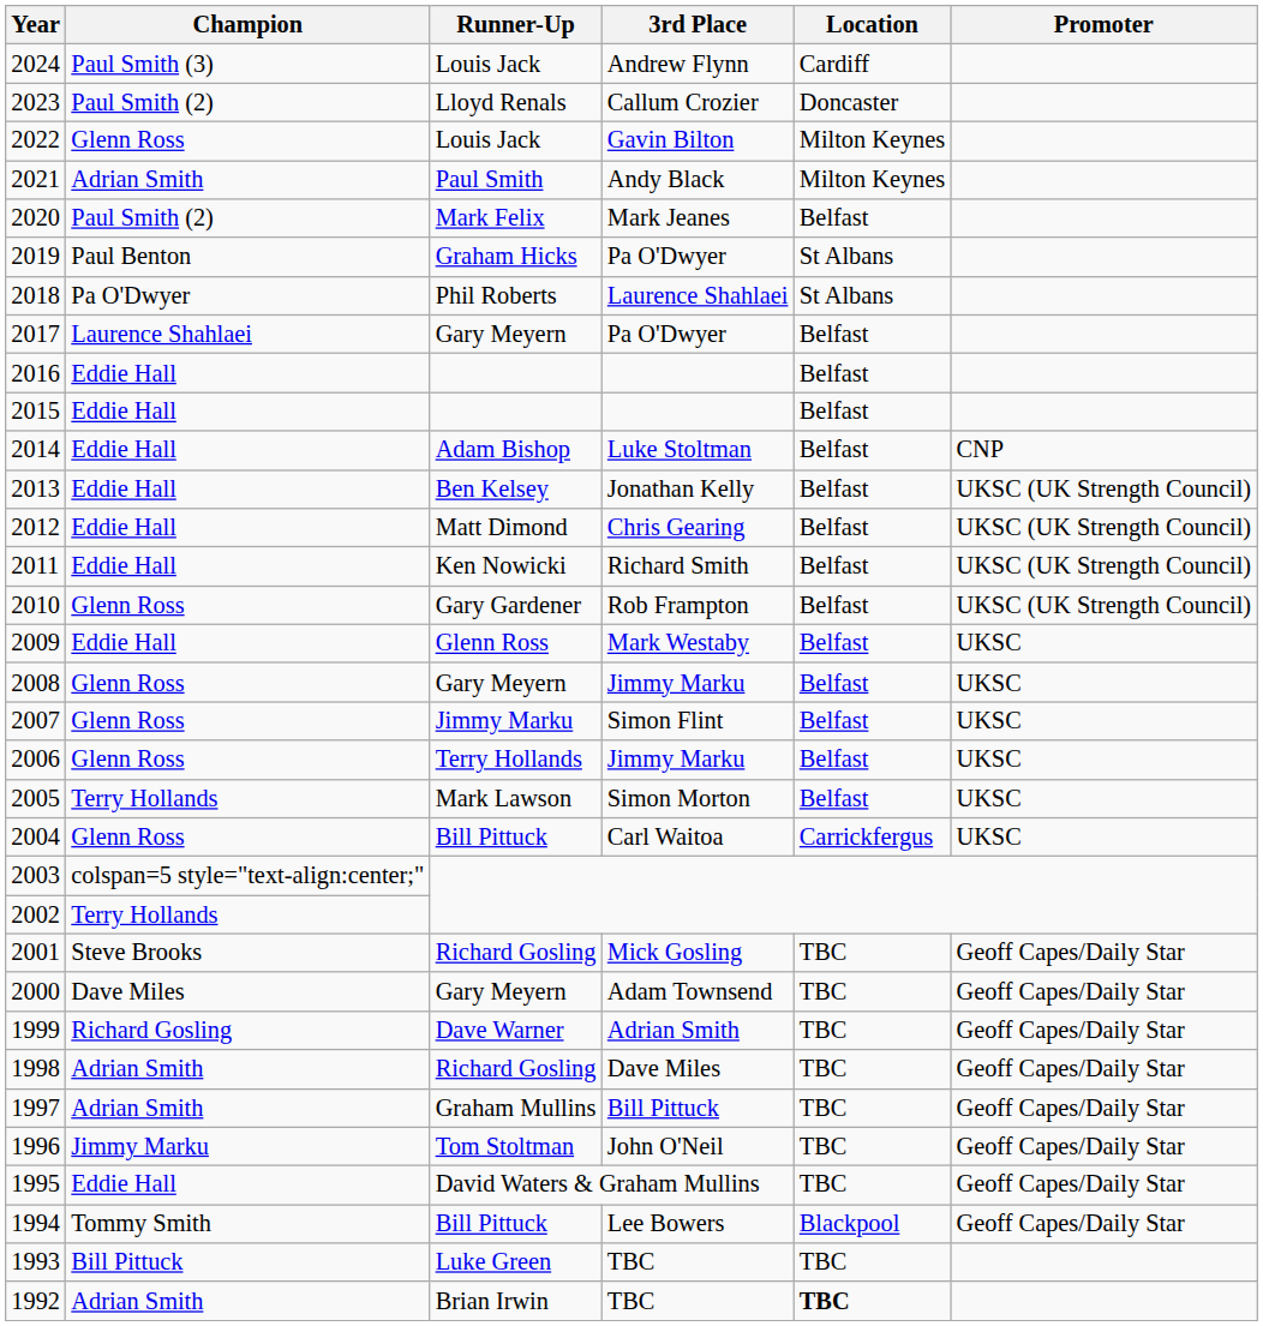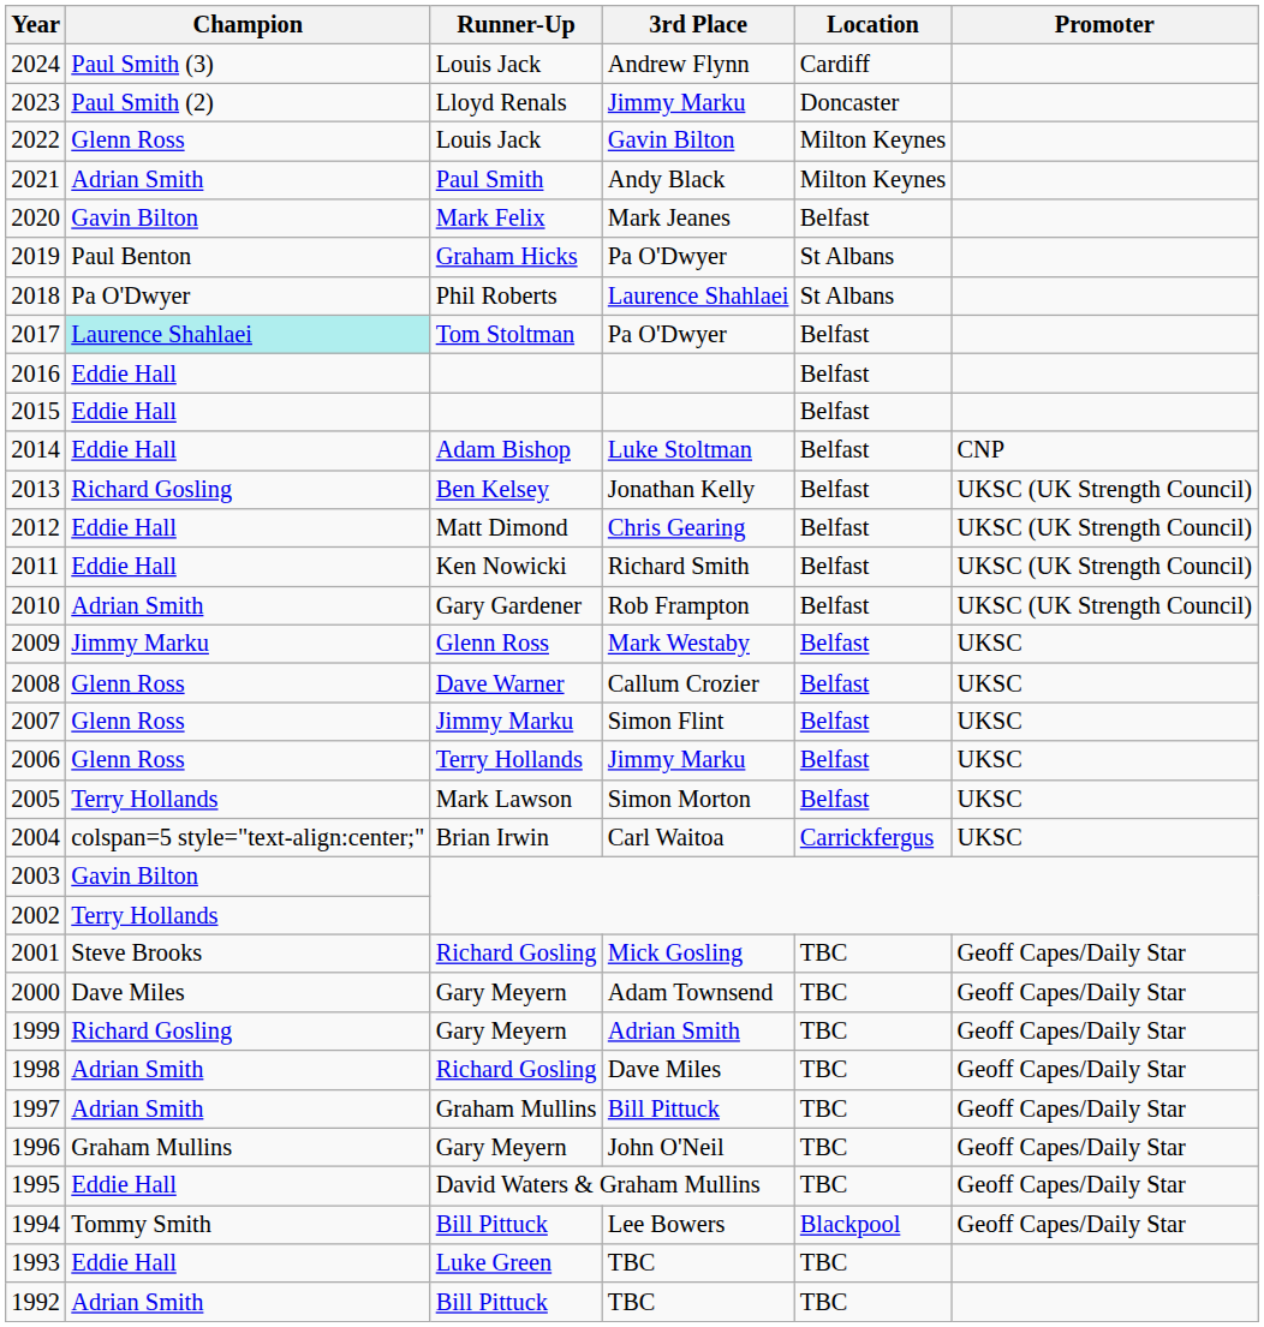 <table class="wikitable">
 <tr>
 <th>Year</th>
 <th>Champion</th>
 <th>Runner-Up</th>
 <th>3rd Place</th>
 <th>Location</th>
 <th>Promoter</th>
 </tr>
 <tr>
 <td>2024</td>
 <td> <a href='#'>Paul Smith</a> (3)</td>
 <td> Louis Jack</td>
 <td> Andrew Flynn</td>
 <td> Cardiff</td>
 <td></td>
 </tr>
 <tr>
 <td>2023</td>
 <td> <a href='#'>Paul Smith</a> (2)</td>
 <td> Lloyd Renals</td>
-<td> Callum Crozier</td>
+<td> <a href='#'>Jimmy Marku</a></td>
 <td> Doncaster</td>
 <td></td>
 </tr>
 <tr>
 <td>2022</td>
 <td> <a href='#'>Glenn Ross</a></td>
 <td> Louis Jack</td>
 <td> <a href='#'>Gavin Bilton</a></td>
 <td> Milton Keynes</td>
 <td></td>
 </tr>
 <tr>
 <td>2021</td>
 <td> <a href='#'>Adrian Smith</a></td>
 <td> <a href='#'>Paul Smith</a></td>
 <td> Andy Black</td>
 <td> Milton Keynes</td>
 <td></td>
 </tr>
 <tr>
 <td>2020</td>
-<td> <a href='#'>Paul Smith</a> (2)</td>
+<td> <a href='#'>Gavin Bilton</a></td>
 <td> <a href='#'>Mark Felix</a></td>
 <td> Mark Jeanes</td>
 <td> Belfast</td>
 <td></td>
 </tr>
 <tr>
 <td>2019</td>
 <td> Paul Benton</td>
 <td> <a href='#'>Graham Hicks</a></td>
 <td> Pa O'Dwyer</td>
 <td> St Albans</td>
 <td></td>
 </tr>
 <tr>
 <td>2018</td>
 <td> Pa O'Dwyer</td>
 <td> Phil Roberts</td>
 <td> <a href='#'>Laurence Shahlaei</a></td>
 <td> St Albans</td>
 <td></td>
 </tr>
 <tr>
 <td>2017</td>
-<td> <a href='#'>Laurence Shahlaei</a></td>
-<td> Gary Meyern</td>
+<td style="background: paleturquoise;"> <a href='#'>Laurence Shahlaei</a></td>
+<td> <a href='#'>Tom Stoltman</a></td>
 <td> Pa O'Dwyer</td>
 <td> Belfast</td>
 <td></td>
 </tr>
 <tr>
 <td>2016</td>
 <td> <a href='#'>Eddie Hall</a></td>
 <td></td>
 <td></td>
 <td> Belfast</td>
 <td></td>
 </tr>
 <tr>
 <td>2015</td>
 <td> <a href='#'>Eddie Hall</a></td>
 <td></td>
 <td></td>
 <td> Belfast</td>
 <td></td>
 </tr>
 <tr>
 <td>2014</td>
 <td> <a href='#'>Eddie Hall</a></td>
 <td> <a href='#'>Adam Bishop</a></td>
 <td> <a href='#'>Luke Stoltman</a></td>
 <td> Belfast</td>
 <td>CNP</td>
 </tr>
 <tr ->
 <td>2013</td>
-<td> <a href='#'>Eddie Hall</a></td>
+<td> <a href='#'>Richard Gosling</a></td>
 <td> <a href='#'>Ben Kelsey</a></td>
 <td> Jonathan Kelly</td>
 <td> Belfast</td>
 <td>UKSC (UK Strength Council)</td>
 </tr>
 <tr>
 <td>2012</td>
 <td> <a href='#'>Eddie Hall</a></td>
 <td> Matt Dimond</td>
 <td> <a href='#'>Chris Gearing</a></td>
 <td> Belfast</td>
 <td>UKSC (UK Strength Council)</td>
 </tr>
 <tr>
 <td>2011</td>
 <td> <a href='#'>Eddie Hall</a></td>
 <td> Ken Nowicki</td>
 <td> Richard Smith</td>
 <td> Belfast</td>
 <td>UKSC (UK Strength Council)</td>
 </tr>
 <tr>
 <td>2010</td>
-<td> <a href='#'>Glenn Ross</a></td>
+<td> <a href='#'>Adrian Smith</a></td>
 <td> Gary Gardener</td>
 <td> Rob Frampton</td>
 <td> Belfast</td>
 <td>UKSC (UK Strength Council)</td>
 </tr>
 <tr>
 <td>2009</td>
-<td> <a href='#'>Eddie Hall</a></td>
+<td> <a href='#'>Jimmy Marku</a></td>
 <td> <a href='#'>Glenn Ross</a></td>
 <td> <a href='#'>Mark Westaby</a></td>
 <td> <a href='#'>Belfast</a></td>
 <td>UKSC</td>
 </tr>
 <tr>
 <td>2008</td>
 <td> <a href='#'>Glenn Ross</a></td>
-<td> Gary Meyern</td>
-<td> <a href='#'>Jimmy Marku</a></td>
+<td> <a href='#'>Dave Warner</a></td>
+<td> Callum Crozier</td>
 <td> <a href='#'>Belfast</a></td>
 <td>UKSC</td>
 </tr>
 <tr>
 <td>2007</td>
 <td> <a href='#'>Glenn Ross</a></td>
 <td> <a href='#'>Jimmy Marku</a></td>
 <td> Simon Flint</td>
 <td> <a href='#'>Belfast</a></td>
 <td>UKSC</td>
 </tr>
 <tr>
 <td>2006</td>
 <td> <a href='#'>Glenn Ross</a></td>
 <td> <a href='#'>Terry Hollands</a></td>
 <td> <a href='#'>Jimmy Marku</a></td>
 <td> <a href='#'>Belfast</a></td>
 <td>UKSC</td>
 </tr>
 <tr>
 <td>2005</td>
 <td> <a href='#'>Terry Hollands</a></td>
 <td> Mark Lawson</td>
 <td> Simon Morton</td>
 <td> <a href='#'>Belfast</a></td>
 <td>UKSC</td>
 </tr>
 <tr>
 <td>2004</td>
-<td> <a href='#'>Glenn Ross</a></td>
-<td> <a href='#'>Bill Pittuck</a></td>
+<td>colspan=5 style="text-align:center;" </td>
+<td> Brian Irwin</td>
 <td> Carl Waitoa</td>
 <td> <a href='#'>Carrickfergus</a></td>
 <td>UKSC</td>
 </tr>
 <tr>
 <td>2003</td>
-<td>colspan=5 style="text-align:center;" </td>
+<td> <a href='#'>Gavin Bilton</a></td>
 </tr>
 <tr>
 <td>2002</td>
 <td> <a href='#'>Terry Hollands</a></td>
 </tr>
 <tr>
 <td>2001</td>
 <td> Steve Brooks</td>
 <td> <a href='#'>Richard Gosling</a></td>
 <td> <a href='#'>Mick Gosling</a></td>
 <td> TBC</td>
 <td>Geoff Capes/Daily Star</td>
 </tr>
 <tr>
 <td>2000</td>
 <td> Dave Miles</td>
 <td> Gary Meyern</td>
 <td> Adam Townsend</td>
 <td> TBC</td>
 <td>Geoff Capes/Daily Star</td>
 </tr>
 <tr>
 <td>1999</td>
 <td> <a href='#'>Richard Gosling</a></td>
-<td> <a href='#'>Dave Warner</a></td>
+<td> Gary Meyern</td>
 <td> <a href='#'>Adrian Smith</a></td>
 <td> TBC</td>
 <td>Geoff Capes/Daily Star</td>
 </tr>
 <tr>
 <td>1998</td>
 <td> <a href='#'>Adrian Smith</a></td>
 <td> <a href='#'>Richard Gosling</a></td>
 <td> Dave Miles</td>
 <td> TBC</td>
 <td>Geoff Capes/Daily Star</td>
 </tr>
 <tr>
 <td>1997</td>
 <td> <a href='#'>Adrian Smith</a></td>
 <td> Graham Mullins</td>
 <td> <a href='#'>Bill Pittuck</a></td>
 <td> TBC</td>
 <td>Geoff Capes/Daily Star</td>
 </tr>
 <tr>
 <td>1996</td>
-<td> <a href='#'>Jimmy Marku</a></td>
-<td> <a href='#'>Tom Stoltman</a></td>
+<td> Graham Mullins</td>
+<td> Gary Meyern</td>
 <td> John O'Neil</td>
 <td> TBC</td>
 <td>Geoff Capes/Daily Star</td>
 </tr>
 <tr>
 <td>1995</td>
 <td> <a href='#'>Eddie Hall</a></td>
 <td colspan=2> David Waters &  Graham Mullins</td>
 <td> TBC</td>
 <td>Geoff Capes/Daily Star</td>
 </tr>
 <tr>
 <td>1994</td>
 <td> Tommy Smith</td>
 <td> <a href='#'>Bill Pittuck</a></td>
 <td> Lee Bowers</td>
 <td> <a href='#'>Blackpool</a></td>
 <td>Geoff Capes/Daily Star</td>
 </tr>
 <tr>
 <td>1993</td>
-<td> <a href='#'>Bill Pittuck</a></td>
+<td> <a href='#'>Eddie Hall</a></td>
 <td> <a href='#'>Luke Green</a></td>
 <td> TBC</td>
 <td> TBC</td>
 <td></td>
 </tr>
 <tr>
 <td>1992</td>
 <td> <a href='#'>Adrian Smith</a></td>
-<td> Brian Irwin</td>
+<td> <a href='#'>Bill Pittuck</a></td>
 <td> TBC</td>
-<td><strong> TBC</strong></td>
+<td> TBC</td>
 <td></td>
 </tr>
 </table>
